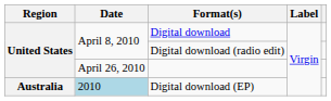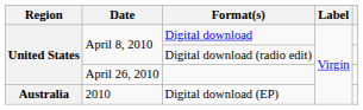 <table class="wikitable plainrowheaders">
 <tr>
 <th scope="col">Region</th>
 <th scope="col">Date</th>
 <th scope="col">Format(s)</th>
 <th scope="col">Label</th>
 <th scope="col"></th>
 </tr>
 <tr>
 <th scope="row" rowspan="3">United States</th>
 <td rowspan="2">April 8, 2010</td>
 <td><a href='#'>Digital download</a></td>
 <td rowspan="4"><a href='#'>Virgin</a></td>
 <td></td>
 </tr>
 <tr>
 <td>Digital download (radio edit)</td>
 <td></td>
 </tr>
 <tr>
 <td>April 26, 2010</td>
 <td></td>
 <td></td>
 </tr>
 <tr>
 <th scope="row">Australia</th>
-<td style="background: lightblue;">2010</td>
+<td>2010</td>
 <td>Digital download (EP)</td>
 <td></td>
 </tr>
 </table>
